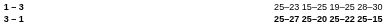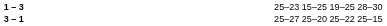 <table width=100% cellspacing=1>
 <tr>
 <th width=20%></th>
 <th width=12%></th>
 <th width=20%></th>
 <th width=33%></th>
 <td></td>
 </tr>
 <tr style=font-size:90%>
 <td align=right></td>
 <td align=center><strong>1 – 3</strong></td>
 <td><strong></strong></td>
 <td>25–23 15–25 19–25 28–30</td>
 <td></td>
 </tr>
 <tr style=font-size:90%>
 <td align=right><strong></strong></td>
 <td align=center><strong>3 – 1</strong></td>
 <td></td>
-<td><strong>25–27 25–20 25–22 25–15</strong></td>
+<td>25–27 25–20 25–22 25–15</td>
 </tr>
 </table>
